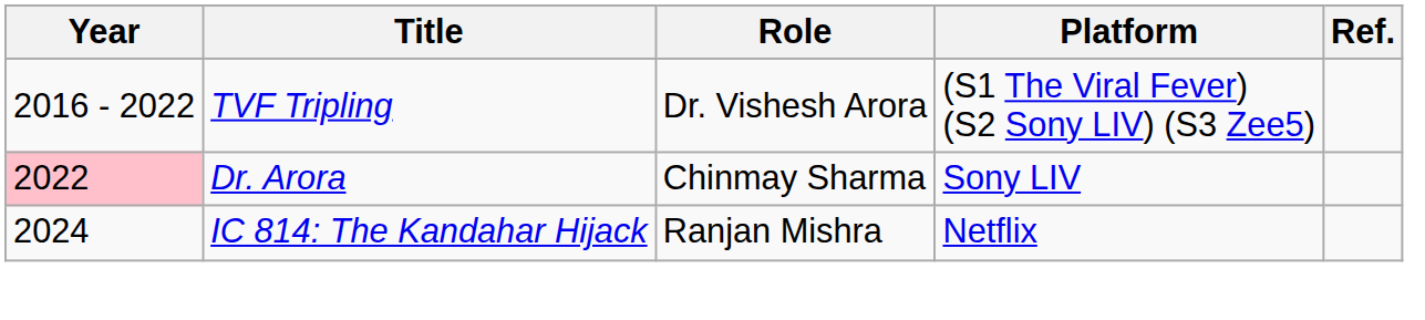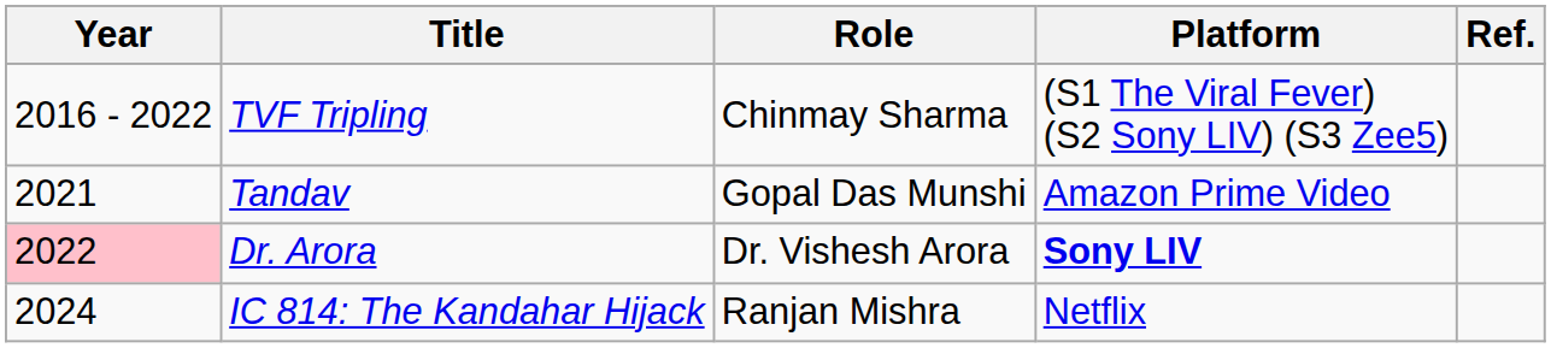 <table class="wikitable">
 <tr>
 <th>Year</th>
 <th>Title</th>
 <th>Role</th>
 <th>Platform</th>
 <th>Ref.</th>
 </tr>
 <tr>
 <td>2016 - 2022</td>
 <td><em><a href='#'>TVF Tripling</a></em></td>
-<td>Dr. Vishesh Arora</td>
+<td>Chinmay Sharma</td>
 <td>(S1 <a href='#'>The Viral Fever</a>)<br>(S2 <a href='#'>Sony LIV</a>)   (S3 <a href='#'>Zee5</a>)</td>
+</tr>
+<tr>
+<td>2021</td>
+<td><em><a href='#'>Tandav</a></em></td>
+<td>Gopal Das Munshi</td>
+<td><a href='#'>Amazon Prime Video</a></td>
+<td></td>
 </tr>
 <tr>
 <td style="background: pink;">2022</td>
 <td><em><a href='#'>Dr. Arora</a></em></td>
-<td>Chinmay Sharma</td>
-<td><a href='#'>Sony LIV</a></td>
+<td>Dr. Vishesh Arora</td>
+<td><strong><a href='#'>Sony LIV</a></strong></td>
 <td></td>
 </tr>
 <tr>
 <td>2024</td>
 <td><em><a href='#'>IC 814: The Kandahar Hijack</a></em></td>
 <td>Ranjan Mishra</td>
 <td><a href='#'>Netflix</a></td>
 <td></td>
 </tr>
 </table>
